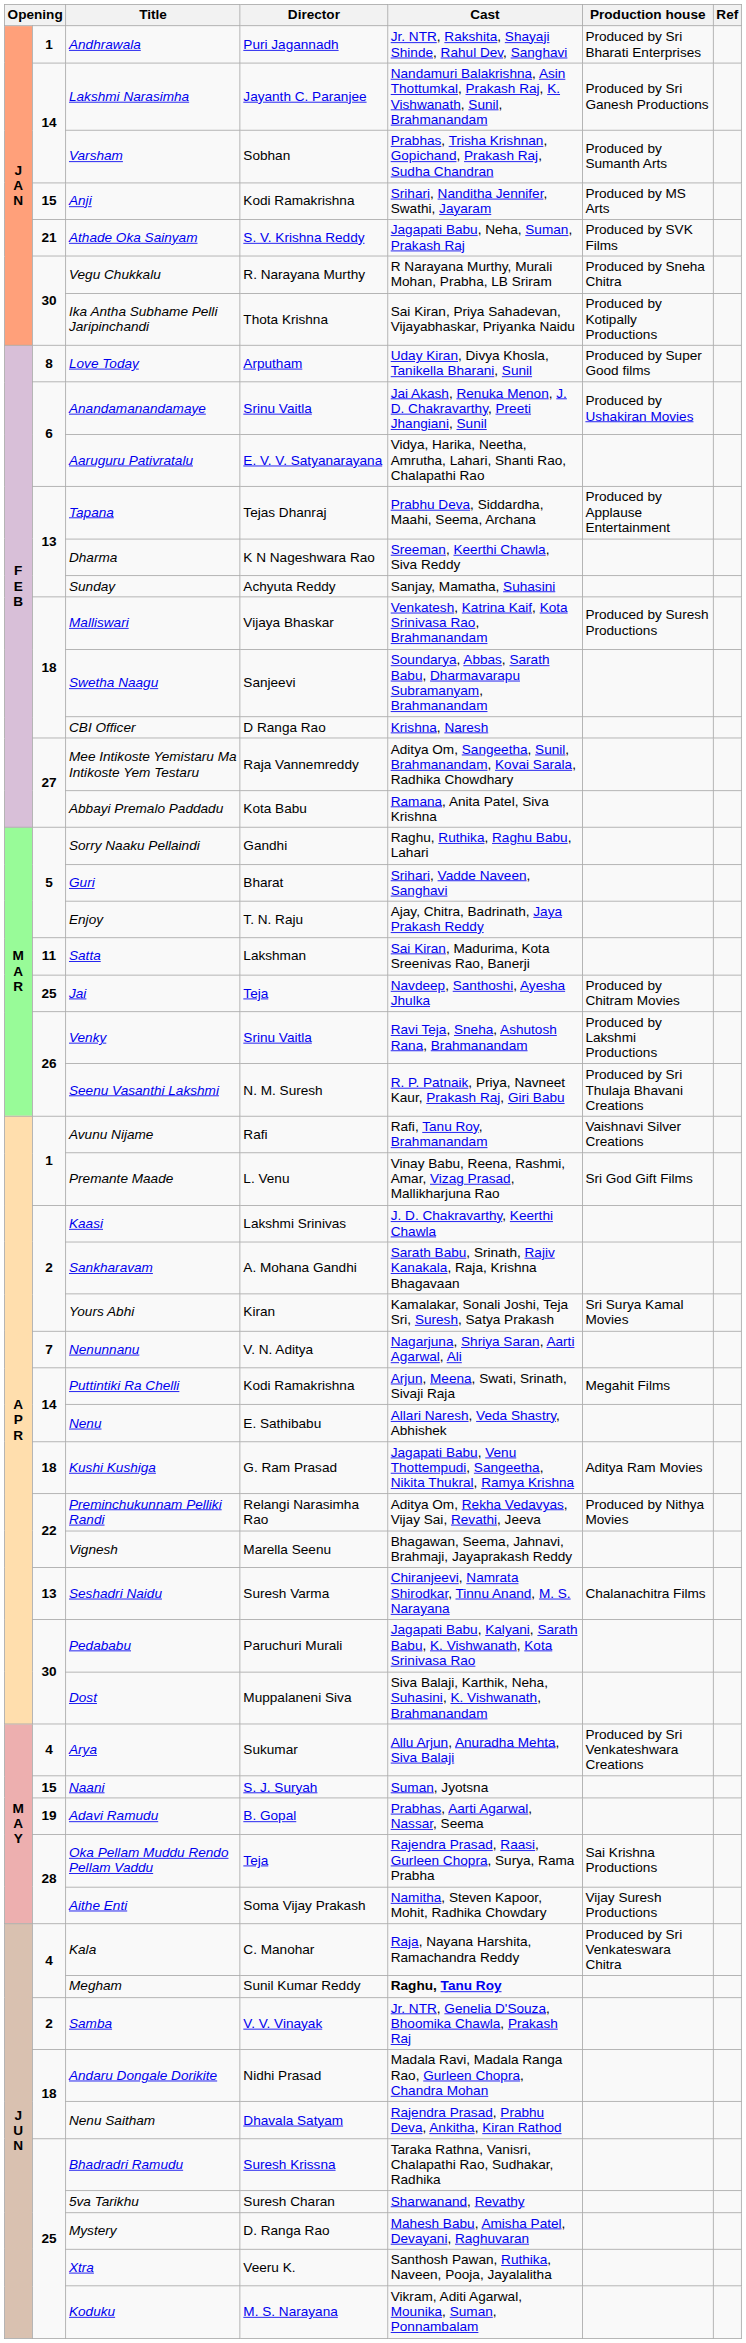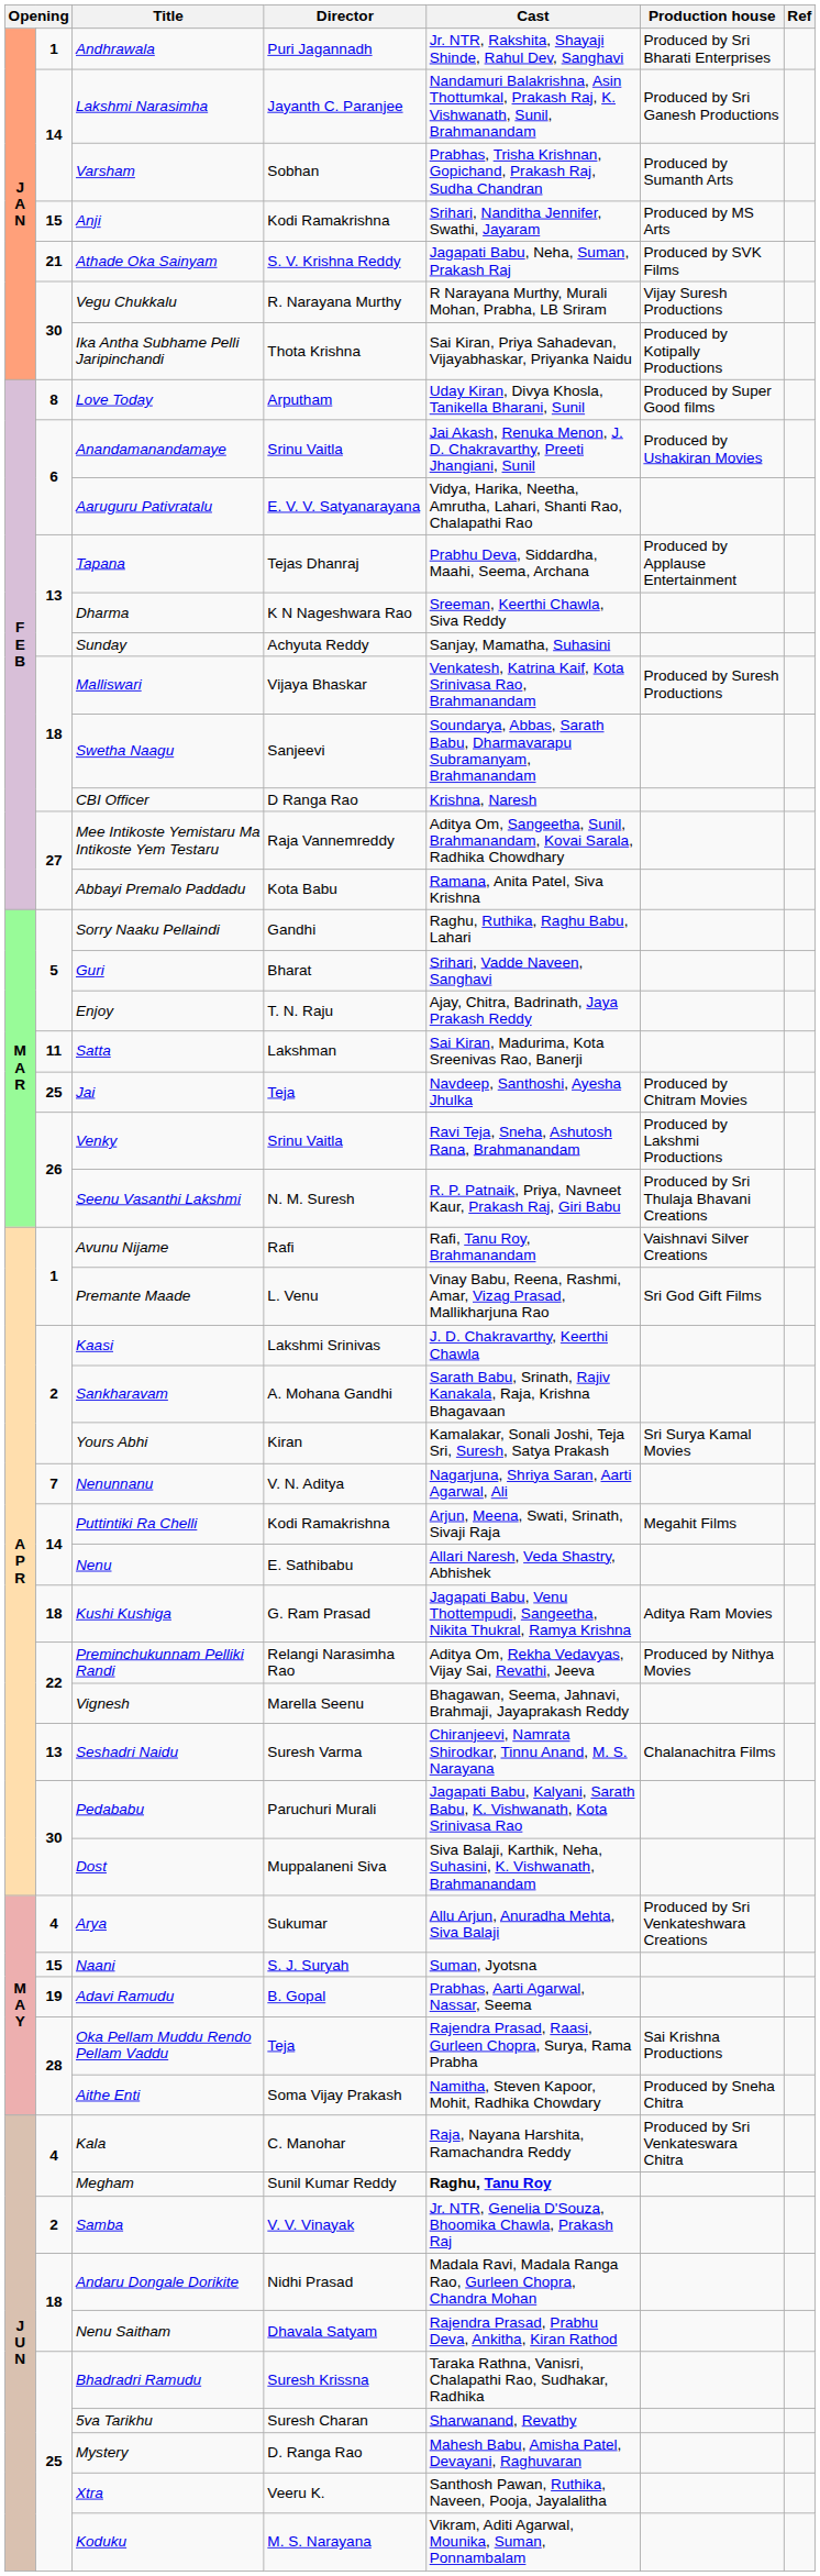 <table class="wikitable sortable">
 <tr style="background:#blue; text-align:center;">
 <th colspan="2">Opening</th>
 <th>Title</th>
 <th style="width:20%;"><strong>Director</strong></th>
 <th>Cast</th>
 <th>Production house</th>
 <th>Ref</th>
 </tr>
 <tr January!>
 <td rowspan="7" style="text-align:center; background:#FFA07A; textcolor:#000;"><strong>J<br>A<br>N</strong></td>
 <td style="text-align:center;"><strong>1</strong></td>
 <td><em><a href='#'>Andhrawala</a></em></td>
 <td><a href='#'>Puri Jagannadh</a></td>
 <td><a href='#'>Jr. NTR</a>, <a href='#'>Rakshita</a>, <a href='#'>Shayaji Shinde</a>, <a href='#'>Rahul Dev</a>, <a href='#'>Sanghavi</a></td>
 <td>Produced by Sri Bharati Enterprises</td>
 <td></td>
 </tr>
 <tr>
 <td rowspan="2" style="text-align:center;"><strong>14</strong></td>
 <td><em><a href='#'>Lakshmi Narasimha</a></em></td>
 <td><a href='#'>Jayanth C. Paranjee</a></td>
 <td><a href='#'>Nandamuri Balakrishna</a>, <a href='#'>Asin Thottumkal</a>, <a href='#'>Prakash Raj</a>, <a href='#'>K. Vishwanath</a>, <a href='#'>Sunil</a>, <a href='#'>Brahmanandam</a></td>
 <td>Produced by Sri Ganesh Productions</td>
 <td></td>
 </tr>
 <tr>
 <td><em><a href='#'>Varsham</a></em></td>
 <td>Sobhan</td>
 <td><a href='#'>Prabhas</a>, <a href='#'>Trisha Krishnan</a>, <a href='#'>Gopichand</a>, <a href='#'>Prakash Raj</a>, <a href='#'>Sudha Chandran</a></td>
 <td>Produced by Sumanth Arts</td>
 <td></td>
 </tr>
 <tr>
 <td style="text-align:center;"><strong>15</strong></td>
 <td><em><a href='#'>Anji</a></em></td>
 <td>Kodi Ramakrishna</td>
 <td><a href='#'>Srihari</a>, <a href='#'>Nanditha Jennifer</a>, Swathi, <a href='#'>Jayaram</a></td>
 <td>Produced by MS Arts</td>
 <td></td>
 </tr>
 <tr>
 <td style="text-align:center;"><strong>21</strong></td>
 <td><em><a href='#'>Athade Oka Sainyam</a></em></td>
 <td><a href='#'>S. V. Krishna Reddy</a></td>
 <td><a href='#'>Jagapati Babu</a>, Neha, <a href='#'>Suman</a>, <a href='#'>Prakash Raj</a></td>
 <td>Produced by SVK Films</td>
 <td></td>
 </tr>
 <tr>
 <td rowspan="2" style="text-align:center;"><strong>30</strong></td>
 <td><em>Vegu Chukkalu</em></td>
 <td>R. Narayana Murthy</td>
 <td>R Narayana Murthy, Murali Mohan, Prabha, LB Sriram</td>
-<td>Produced by Sneha Chitra</td>
+<td>Vijay Suresh Productions</td>
 <td></td>
 </tr>
 <tr>
 <td><em>Ika Antha Subhame Pelli Jaripinchandi</em></td>
 <td>Thota Krishna</td>
 <td>Sai Kiran, Priya Sahadevan, Vijayabhaskar, Priyanka Naidu</td>
 <td>Produced by Kotipally Productions</td>
 <td></td>
 </tr>
 <tr February!>
 <td rowspan="11"   style="text-align:center; background:thistle; textcolor:#000;"><strong>F<br>E<br>B</strong></td>
 <td style="text-align:center;"><strong>8</strong></td>
 <td><em><a href='#'>Love Today</a></em></td>
 <td><a href='#'>Arputham</a></td>
 <td><a href='#'>Uday Kiran</a>, Divya Khosla, <a href='#'>Tanikella Bharani</a>, <a href='#'>Sunil</a></td>
 <td>Produced by Super Good films</td>
 <td></td>
 </tr>
 <tr>
 <td rowspan="2" style="text-align:center;"><strong>6</strong></td>
 <td><em><a href='#'>Anandamanandamaye</a></em></td>
 <td><a href='#'>Srinu Vaitla</a></td>
 <td><a href='#'>Jai Akash</a>, <a href='#'>Renuka Menon</a>, <a href='#'>J. D. Chakravarthy</a>, <a href='#'>Preeti Jhangiani</a>, <a href='#'>Sunil</a></td>
 <td>Produced by <a href='#'>Ushakiran Movies</a></td>
 <td></td>
 </tr>
 <tr>
 <td><em><a href='#'>Aaruguru Pativratalu</a></em></td>
 <td><a href='#'>E. V. V. Satyanarayana</a></td>
 <td>Vidya, Harika, Neetha, Amrutha, Lahari, Shanti Rao, Chalapathi Rao</td>
 <td></td>
 <td></td>
 </tr>
 <tr>
 <td rowspan="3" style="text-align:center;"><strong>13</strong></td>
 <td><em><a href='#'>Tapana</a></em></td>
 <td>Tejas Dhanraj</td>
 <td><a href='#'>Prabhu Deva</a>, Siddardha, Maahi, Seema, Archana</td>
 <td>Produced by Applause Entertainment</td>
 <td></td>
 </tr>
 <tr>
 <td><em>Dharma</em></td>
 <td>K N Nageshwara Rao</td>
 <td><a href='#'>Sreeman</a>, <a href='#'>Keerthi Chawla</a>, Siva Reddy</td>
 <td></td>
 <td></td>
 </tr>
 <tr>
 <td><em>Sunday</em></td>
 <td>Achyuta Reddy</td>
 <td>Sanjay, Mamatha, <a href='#'>Suhasini</a></td>
 <td></td>
 <td></td>
 </tr>
 <tr>
 <td rowspan="3" style="text-align:center;"><strong>18</strong></td>
 <td><em><a href='#'>Malliswari</a></em></td>
 <td>Vijaya Bhaskar</td>
 <td><a href='#'>Venkatesh</a>, <a href='#'>Katrina Kaif</a>, <a href='#'>Kota Srinivasa Rao</a>, <a href='#'>Brahmanandam</a></td>
 <td>Produced by Suresh Productions</td>
 <td></td>
 </tr>
 <tr>
 <td><em><a href='#'>Swetha Naagu</a></em></td>
 <td>Sanjeevi</td>
 <td><a href='#'>Soundarya</a>, <a href='#'>Abbas</a>, <a href='#'>Sarath Babu</a>, <a href='#'>Dharmavarapu Subramanyam</a>, <a href='#'>Brahmanandam</a></td>
 <td></td>
 <td></td>
 </tr>
 <tr>
 <td><em>CBI Officer</em></td>
 <td>D Ranga Rao</td>
 <td><a href='#'>Krishna</a>, <a href='#'>Naresh</a></td>
 <td></td>
 <td></td>
 </tr>
 <tr>
 <td rowspan="2" style="text-align:center;"><strong>27</strong></td>
 <td><em>Mee Intikoste Yemistaru Ma Intikoste Yem Testaru</em></td>
 <td>Raja Vannemreddy</td>
 <td>Aditya Om, <a href='#'>Sangeetha</a>, <a href='#'>Sunil</a>, <a href='#'>Brahmanandam</a>, <a href='#'>Kovai Sarala</a>, Radhika Chowdhary</td>
 <td></td>
 <td></td>
 </tr>
 <tr>
 <td><em>Abbayi Premalo Paddadu</em></td>
 <td>Kota Babu</td>
 <td><a href='#'>Ramana</a>, Anita Patel, Siva Krishna</td>
 <td></td>
 <td></td>
 </tr>
 <tr March!>
 <td rowspan="7"   style="text-align:center; background:#98fb98; textcolor:#000;"><strong>M<br>A<br>R</strong></td>
 <td rowspan="3" style="text-align:center;"><strong>5</strong></td>
 <td><em>Sorry Naaku Pellaindi</em></td>
 <td>Gandhi</td>
 <td>Raghu, <a href='#'>Ruthika</a>, <a href='#'>Raghu Babu</a>, Lahari</td>
 <td></td>
 <td></td>
 </tr>
 <tr>
 <td><em><a href='#'>Guri</a></em></td>
 <td>Bharat</td>
 <td><a href='#'>Srihari</a>, <a href='#'>Vadde Naveen</a>, <a href='#'>Sanghavi</a></td>
 <td></td>
 <td></td>
 </tr>
 <tr>
 <td><em>Enjoy</em></td>
 <td>T. N. Raju</td>
 <td>Ajay, Chitra, Badrinath, <a href='#'>Jaya Prakash Reddy</a></td>
 <td></td>
 <td></td>
 </tr>
 <tr>
 <td style="text-align:center;"><strong>11</strong></td>
 <td><em><a href='#'>Satta</a></em></td>
 <td>Lakshman</td>
 <td><a href='#'>Sai Kiran</a>, Madurima, Kota Sreenivas Rao, Banerji</td>
 <td></td>
 <td></td>
 </tr>
 <tr>
 <td style="text-align:center;"><strong>25</strong></td>
 <td><em><a href='#'>Jai</a></em></td>
 <td><a href='#'>Teja</a></td>
 <td><a href='#'>Navdeep</a>, <a href='#'>Santhoshi</a>, <a href='#'>Ayesha Jhulka</a></td>
 <td>Produced by Chitram Movies</td>
 <td></td>
 </tr>
 <tr>
 <td rowspan="2" style="text-align:center;"><strong>26</strong></td>
 <td><em><a href='#'>Venky</a></em></td>
 <td><a href='#'>Srinu Vaitla</a></td>
 <td><a href='#'>Ravi Teja</a>, <a href='#'>Sneha</a>, <a href='#'>Ashutosh Rana</a>, <a href='#'>Brahmanandam</a></td>
 <td>Produced by Lakshmi Productions</td>
 <td></td>
 </tr>
 <tr>
 <td><em><a href='#'>Seenu Vasanthi Lakshmi</a></em></td>
 <td>N. M. Suresh</td>
 <td><a href='#'>R. P. Patnaik</a>, Priya, Navneet Kaur, <a href='#'>Prakash Raj</a>, <a href='#'>Giri Babu</a></td>
 <td>Produced by Sri Thulaja Bhavani Creations</td>
 <td></td>
 </tr>
 <tr April!>
 <td rowspan="14"   style="text-align:center; background:#ffdead; textcolor:#000;"><strong>A<br>P<br>R</strong></td>
 <td rowspan="2" style="text-align:center;"><strong>1</strong></td>
 <td><em>Avunu Nijame </em></td>
 <td>Rafi</td>
 <td>Rafi, <a href='#'>Tanu Roy</a>, <a href='#'>Brahmanandam</a></td>
 <td>Vaishnavi Silver Creations</td>
 <td></td>
 </tr>
 <tr>
 <td><em>Premante Maade</em></td>
 <td>L. Venu</td>
 <td>Vinay Babu, Reena, Rashmi, Amar, <a href='#'>Vizag Prasad</a>, Mallikharjuna Rao</td>
 <td>Sri God Gift Films</td>
 <td></td>
 </tr>
 <tr>
 <td rowspan="3" style="text-align:center;"><strong>2</strong></td>
 <td><em><a href='#'>Kaasi</a></em></td>
 <td>Lakshmi Srinivas</td>
 <td><a href='#'>J. D. Chakravarthy</a>, <a href='#'>Keerthi Chawla</a></td>
 <td></td>
 <td></td>
 </tr>
 <tr>
 <td><em><a href='#'>Sankharavam</a></em></td>
 <td>A. Mohana Gandhi</td>
 <td><a href='#'>Sarath Babu</a>, Srinath, <a href='#'>Rajiv Kanakala</a>, Raja, Krishna Bhagavaan</td>
 <td></td>
 <td></td>
 </tr>
 <tr>
 <td><em>Yours Abhi</em></td>
 <td>Kiran</td>
 <td>Kamalakar, Sonali Joshi, Teja Sri, <a href='#'>Suresh</a>, Satya Prakash</td>
 <td>Sri Surya Kamal Movies</td>
 <td></td>
 </tr>
 <tr>
 <td style="text-align:center;"><strong>7</strong></td>
 <td><em><a href='#'>Nenunnanu</a></em></td>
 <td>V. N. Aditya</td>
 <td><a href='#'>Nagarjuna</a>, <a href='#'>Shriya Saran</a>, <a href='#'>Aarti Agarwal</a>, <a href='#'>Ali</a></td>
 <td></td>
 <td></td>
 </tr>
 <tr>
 <td rowspan="2" style="text-align:center;"><strong>14</strong></td>
 <td><em><a href='#'>Puttintiki Ra Chelli</a></em></td>
 <td>Kodi Ramakrishna</td>
 <td><a href='#'>Arjun</a>, <a href='#'>Meena</a>, Swati, Srinath, Sivaji Raja</td>
 <td>Megahit Films</td>
 <td></td>
 </tr>
 <tr>
 <td><em><a href='#'>Nenu</a></em></td>
 <td>E. Sathibabu</td>
 <td><a href='#'>Allari Naresh</a>, <a href='#'>Veda Shastry</a>, Abhishek</td>
 <td></td>
 <td></td>
 </tr>
 <tr>
 <td style="text-align:center;"><strong>18</strong></td>
 <td><em><a href='#'>Kushi Kushiga</a></em></td>
 <td>G. Ram Prasad</td>
 <td><a href='#'>Jagapati Babu</a>, <a href='#'>Venu Thottempudi</a>, <a href='#'>Sangeetha</a>, <a href='#'>Nikita Thukral</a>, <a href='#'>Ramya Krishna</a></td>
 <td>Aditya Ram Movies</td>
 <td></td>
 </tr>
 <tr>
 <td rowspan="2" style="text-align:center;"><strong>22</strong></td>
 <td><em><a href='#'>Preminchukunnam Pelliki Randi</a></em></td>
 <td>Relangi Narasimha Rao</td>
 <td>Aditya Om, <a href='#'>Rekha Vedavyas</a>, Vijay Sai, <a href='#'>Revathi</a>, Jeeva</td>
 <td>Produced by Nithya Movies</td>
 <td></td>
 </tr>
 <tr>
 <td><em>Vignesh</em></td>
 <td>Marella Seenu</td>
 <td>Bhagawan, Seema, Jahnavi, Brahmaji, Jayaprakash Reddy</td>
 <td></td>
 <td></td>
 </tr>
 <tr>
 <td style="text-align:center;"><strong>13</strong></td>
 <td><em><a href='#'>Seshadri Naidu</a></em></td>
 <td>Suresh Varma</td>
 <td><a href='#'>Chiranjeevi</a>, <a href='#'>Namrata Shirodkar</a>, <a href='#'>Tinnu Anand</a>, <a href='#'>M. S. Narayana</a></td>
 <td>Chalanachitra Films</td>
 <td></td>
 </tr>
 <tr>
 <td rowspan="2" style="text-align:center;"><strong>30</strong></td>
 <td><em><a href='#'>Pedababu</a></em></td>
 <td>Paruchuri Murali</td>
 <td><a href='#'>Jagapati Babu</a>, <a href='#'>Kalyani</a>, <a href='#'>Sarath Babu</a>, <a href='#'>K. Vishwanath</a>, <a href='#'>Kota Srinivasa Rao</a></td>
 <td></td>
 <td></td>
 </tr>
 <tr>
 <td><em><a href='#'>Dost</a></em></td>
 <td>Muppalaneni Siva</td>
 <td>Siva Balaji, Karthik, Neha, <a href='#'>Suhasini</a>, <a href='#'>K. Vishwanath</a>, <a href='#'>Brahmanandam</a></td>
 <td></td>
 <td></td>
 </tr>
 <tr May!>
 <td rowspan="5"   style="text-align:center; background:#edafaf; textcolor:#000;"><strong>M<br>A<br>Y</strong></td>
 <td style="text-align:center;"><strong>4</strong></td>
 <td><em><a href='#'>Arya</a></em></td>
 <td>Sukumar</td>
 <td><a href='#'>Allu Arjun</a>, <a href='#'>Anuradha Mehta</a>, <a href='#'>Siva Balaji</a></td>
 <td>Produced by Sri Venkateshwara Creations</td>
 <td></td>
 </tr>
 <tr>
 <td style="text-align:center;"><strong>15</strong></td>
 <td><em><a href='#'>Naani</a></em></td>
 <td><a href='#'>S. J. Suryah</a></td>
 <td><a href='#'>Suman</a>, Jyotsna</td>
 <td></td>
 <td></td>
 </tr>
 <tr>
 <td style="text-align:center;"><strong>19</strong></td>
 <td><em><a href='#'>Adavi Ramudu</a></em></td>
 <td><a href='#'>B. Gopal</a></td>
 <td><a href='#'>Prabhas</a>, <a href='#'>Aarti Agarwal</a>, <a href='#'>Nassar</a>, Seema</td>
 <td></td>
 <td></td>
 </tr>
 <tr>
 <td rowspan="2" style="text-align:center;"><strong>28</strong></td>
 <td><em><a href='#'>Oka Pellam Muddu Rendo Pellam Vaddu</a></em></td>
 <td><a href='#'>Teja</a></td>
 <td><a href='#'>Rajendra Prasad</a>, <a href='#'>Raasi</a>, <a href='#'>Gurleen Chopra</a>, Surya, Rama Prabha</td>
 <td>Sai Krishna Productions</td>
 <td></td>
 </tr>
 <tr>
 <td><em><a href='#'>Aithe Enti</a></em></td>
 <td>Soma Vijay Prakash</td>
 <td><a href='#'>Namitha</a>, Steven Kapoor, Mohit, Radhika Chowdary</td>
-<td>Vijay Suresh Productions</td>
+<td>Produced by Sneha Chitra</td>
 <td></td>
 </tr>
 <tr June!>
 <td rowspan="10"   style="text-align:center; background:#d9c1b0; textcolor:#000;"><strong>J<br>U<br>N</strong></td>
 <td rowspan="2" style="text-align:center;"><strong>4</strong></td>
 <td><em>Kala</em></td>
 <td>C. Manohar</td>
 <td><a href='#'>Raja</a>, Nayana Harshita, Ramachandra Reddy</td>
 <td>Produced by Sri Venkateswara Chitra</td>
 <td></td>
 </tr>
 <tr>
 <td><em>Megham</em></td>
 <td>Sunil Kumar Reddy</td>
 <td><strong>Raghu, <a href='#'>Tanu Roy</a></strong></td>
 <td></td>
 <td></td>
 </tr>
 <tr>
 <td style="text-align:center;"><strong>2</strong></td>
 <td><em><a href='#'>Samba</a></em></td>
 <td><a href='#'>V. V. Vinayak</a></td>
 <td><a href='#'>Jr. NTR</a>, <a href='#'>Genelia D'Souza</a>, <a href='#'>Bhoomika Chawla</a>, <a href='#'>Prakash Raj</a></td>
 <td></td>
 <td></td>
 </tr>
 <tr>
 <td rowspan="2" style="text-align:center;"><strong>18</strong></td>
 <td><em><a href='#'>Andaru Dongale Dorikite</a></em></td>
 <td>Nidhi Prasad</td>
 <td>Madala Ravi, Madala Ranga Rao, <a href='#'>Gurleen Chopra</a>, <a href='#'>Chandra Mohan</a></td>
 <td></td>
 <td></td>
 </tr>
 <tr>
 <td><em>Nenu Saitham</em></td>
 <td><a href='#'>Dhavala Satyam</a></td>
 <td><a href='#'>Rajendra Prasad</a>, <a href='#'>Prabhu Deva</a>, <a href='#'>Ankitha</a>, <a href='#'>Kiran Rathod</a></td>
 <td></td>
 <td></td>
 </tr>
 <tr>
 <td rowspan="5" style="text-align:center;"><strong>25</strong></td>
 <td><em><a href='#'>Bhadradri Ramudu</a></em></td>
 <td><a href='#'>Suresh Krissna</a></td>
 <td>Taraka Rathna, Vanisri, Chalapathi Rao, Sudhakar, Radhika</td>
 <td></td>
 <td></td>
 </tr>
 <tr>
 <td><em>5va Tarikhu</em></td>
 <td>Suresh Charan</td>
 <td><a href='#'>Sharwanand</a>, <a href='#'>Revathy</a></td>
 <td></td>
 <td></td>
 </tr>
 <tr>
 <td><em>Mystery</em></td>
 <td>D. Ranga Rao</td>
 <td><a href='#'>Mahesh Babu</a>, <a href='#'>Amisha Patel</a>, <a href='#'>Devayani</a>, <a href='#'>Raghuvaran</a></td>
 <td></td>
 <td></td>
 </tr>
 <tr>
 <td><em><a href='#'>Xtra</a></em></td>
 <td>Veeru K.</td>
 <td>Santhosh Pawan, <a href='#'>Ruthika</a>, Naveen, Pooja, Jayalalitha</td>
 <td></td>
 <td></td>
 </tr>
 <tr>
 <td><em><a href='#'>Koduku</a></em></td>
 <td><a href='#'>M. S. Narayana</a></td>
 <td>Vikram, Aditi Agarwal, <a href='#'>Mounika</a>, <a href='#'>Suman</a>, <a href='#'>Ponnambalam</a></td>
 <td></td>
 <td></td>
 </tr>
 </table>
